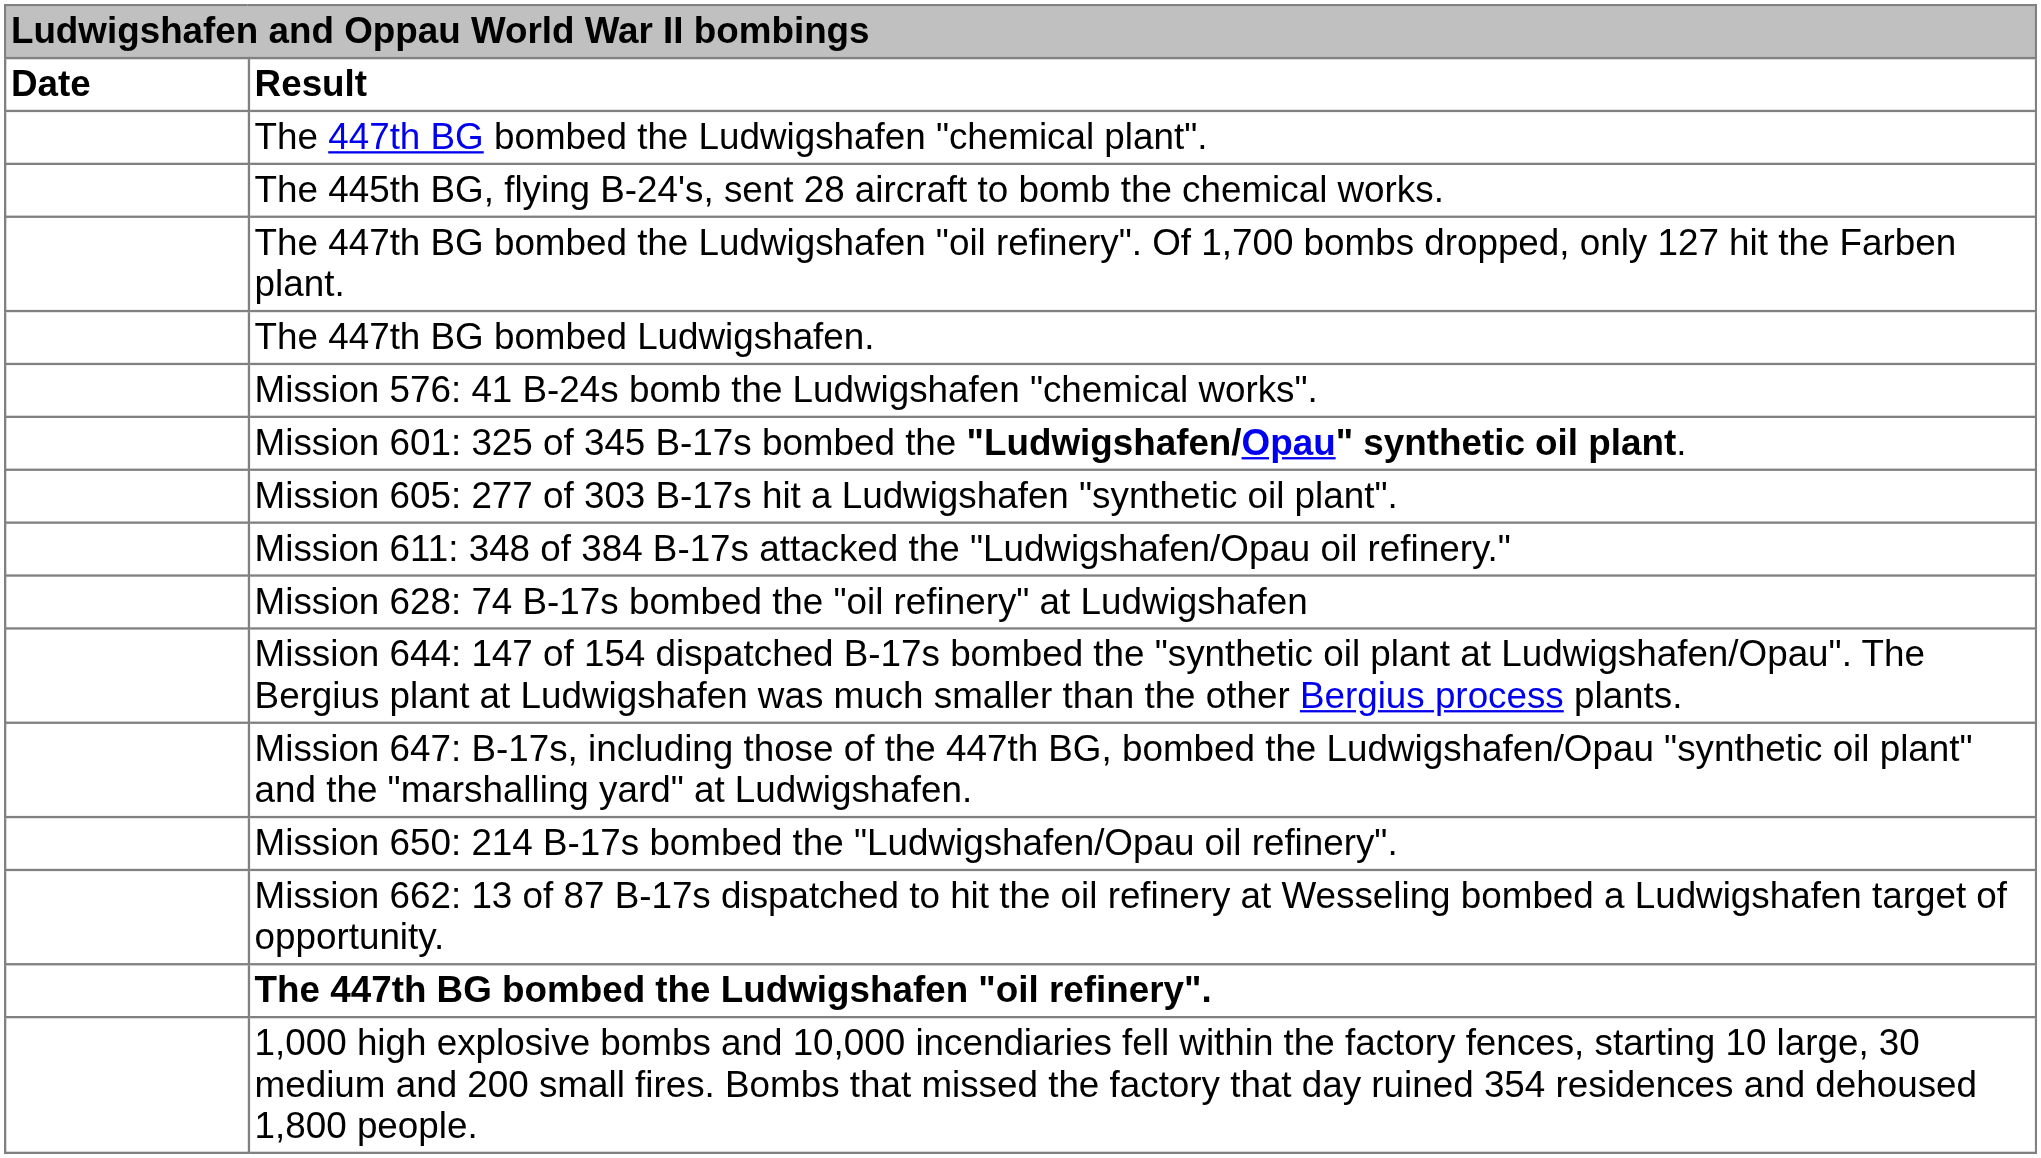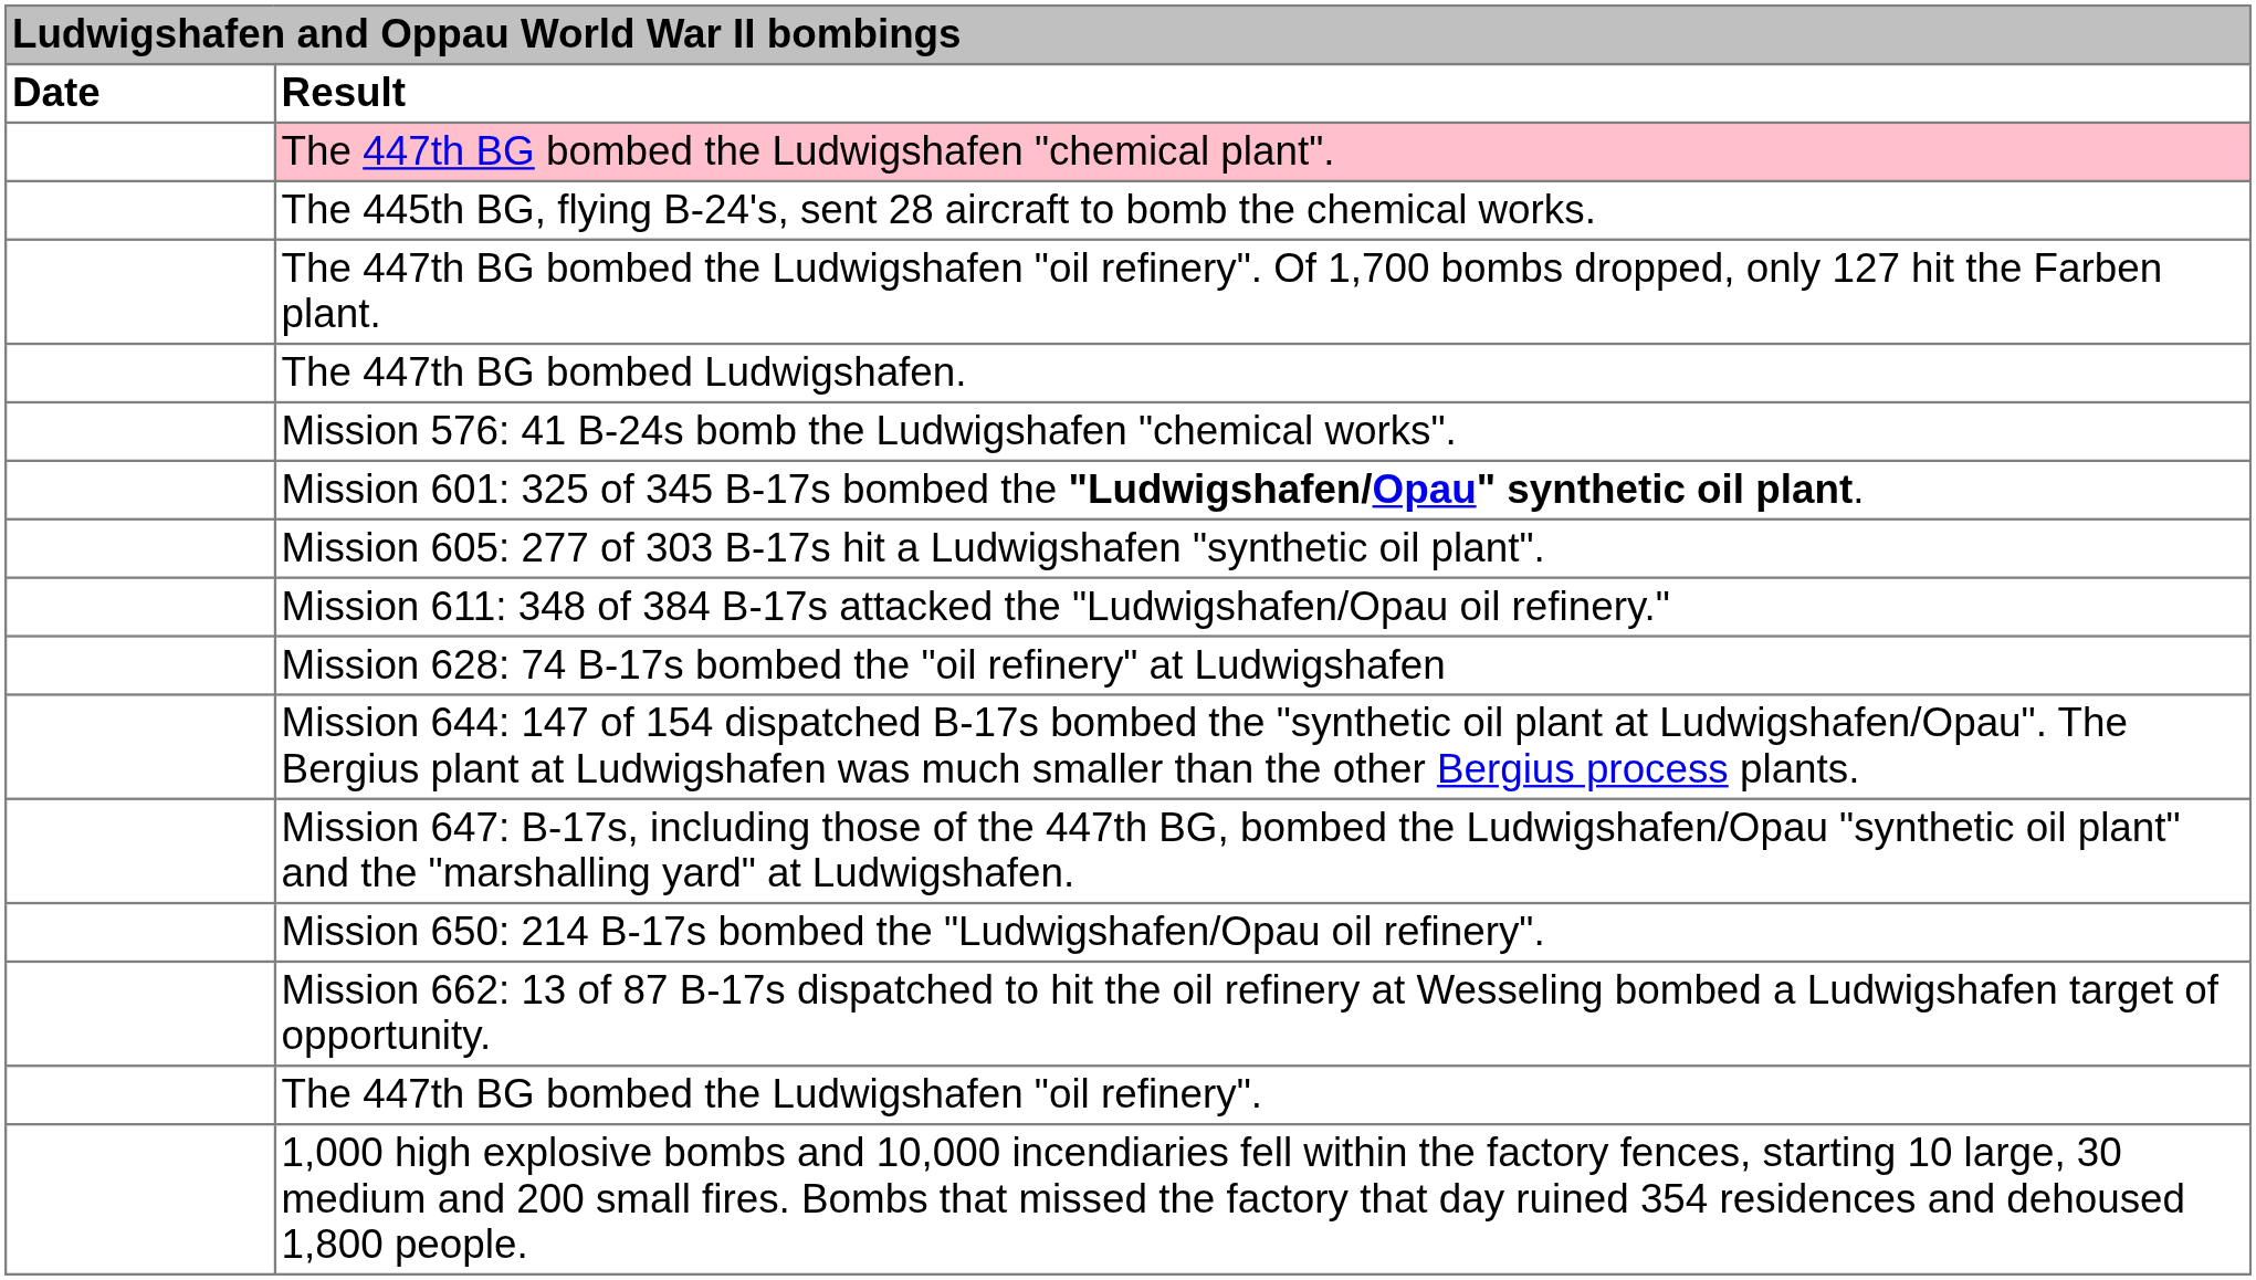 <table cellspacing="0" cellpadding="2" border="1"  style="margin:auto; border-collapse:collapse; text-align:left;">
 <tr>
 <td colspan="6" style="background:silver;"><strong>Ludwigshafen and Oppau World War II bombings</strong></td>
 </tr>
 <tr valign=top>
 <th style="width:12%;">Date</th>
 <th>Result</th>
 </tr>
 <tr>
 <td></td>
-<td>The <a href='#'>447th BG</a> bombed the Ludwigshafen "chemical plant".</td>
+<td style="background: pink;">The <a href='#'>447th BG</a> bombed the Ludwigshafen "chemical plant".</td>
 </tr>
 <tr>
 <td></td>
 <td>The 445th BG, flying B-24's, sent 28 aircraft to bomb the chemical works.</td>
 </tr>
 <tr>
 <td></td>
 <td>The 447th BG bombed the Ludwigshafen "oil refinery". Of 1,700 bombs dropped, only 127 hit the Farben plant.</td>
 </tr>
 <tr>
 <td></td>
 <td>The 447th BG bombed Ludwigshafen.</td>
 </tr>
 <tr>
 <td></td>
 <td> Mission 576: 41 B-24s bomb the Ludwigshafen "chemical works".</td>
 </tr>
 <tr>
 <td></td>
 <td> Mission 601: 325 of 345 B-17s bombed the <strong>"Ludwigshafen/<a href='#'>Opau</a>" synthetic oil plant</strong>.</td>
 </tr>
 <tr>
 <td></td>
 <td> Mission 605: 277 of 303 B-17s hit a Ludwigshafen "synthetic oil plant".</td>
 </tr>
 <tr>
 <td></td>
 <td> Mission 611: 348 of 384 B-17s attacked the "Ludwigshafen/Opau oil refinery."</td>
 </tr>
 <tr>
 <td></td>
 <td> Mission 628:  74 B-17s bombed the "oil refinery" at Ludwigshafen</td>
 </tr>
 <tr>
 <td></td>
 <td> Mission 644: 147 of 154 dispatched B-17s bombed the "synthetic oil plant at Ludwigshafen/Opau".  The Bergius plant at Ludwigshafen was much smaller than the other <a href='#'>Bergius process</a> plants.</td>
 </tr>
 <tr>
 <td></td>
 <td> Mission 647: B-17s, including those of the 447th BG, bombed the Ludwigshafen/Opau "synthetic oil plant" and the "marshalling yard" at Ludwigshafen.</td>
 </tr>
 <tr>
 <td></td>
 <td> Mission 650: 214 B-17s bombed the "Ludwigshafen/Opau oil refinery".</td>
 </tr>
 <tr>
 <td></td>
 <td> Mission 662: 13 of 87 B-17s dispatched to hit the oil refinery at Wesseling bombed a Ludwigshafen target of opportunity.</td>
 </tr>
 <tr>
 <td></td>
-<td><strong>The 447th BG bombed the Ludwigshafen "oil refinery".</strong></td>
+<td>The 447th BG bombed the Ludwigshafen "oil refinery".</td>
 </tr>
 <tr>
 <td></td>
 <td>1,000 high explosive bombs and 10,000 incendiaries fell within the factory fences, starting 10 large, 30 medium and 200 small fires. Bombs that missed the factory that day ruined 354 residences and dehoused 1,800 people.</td>
 </tr>
 </table>
